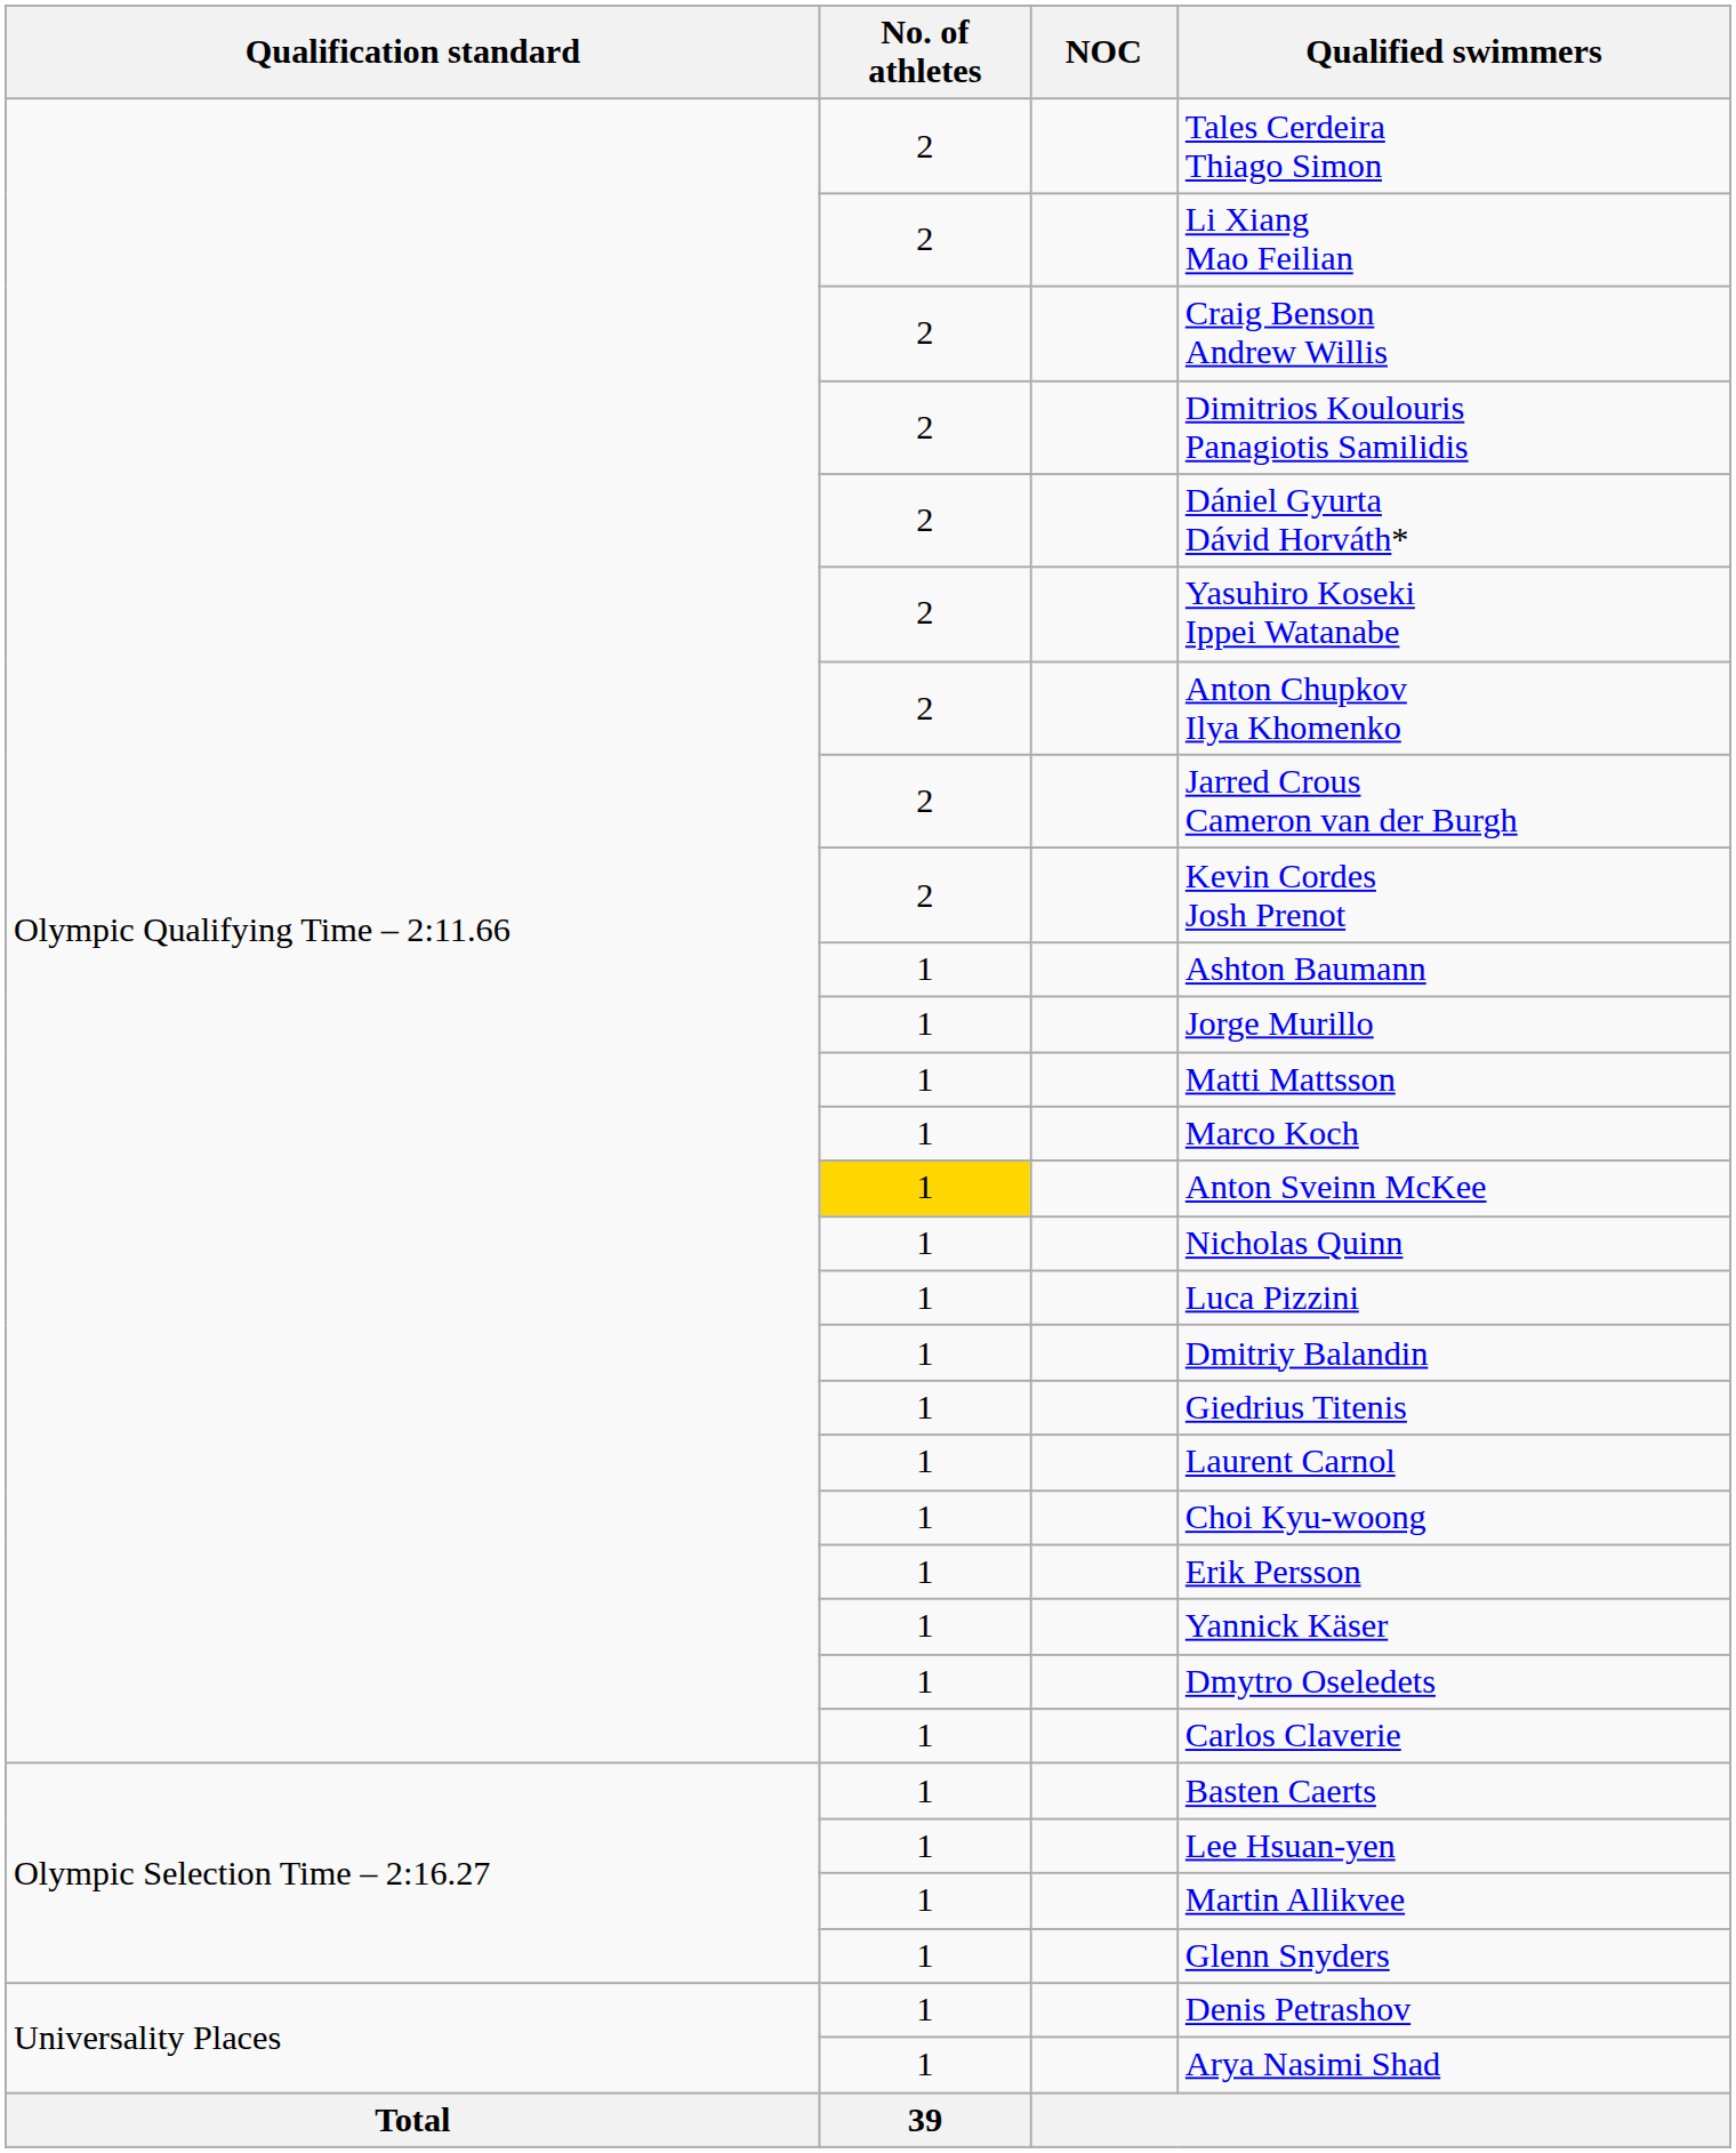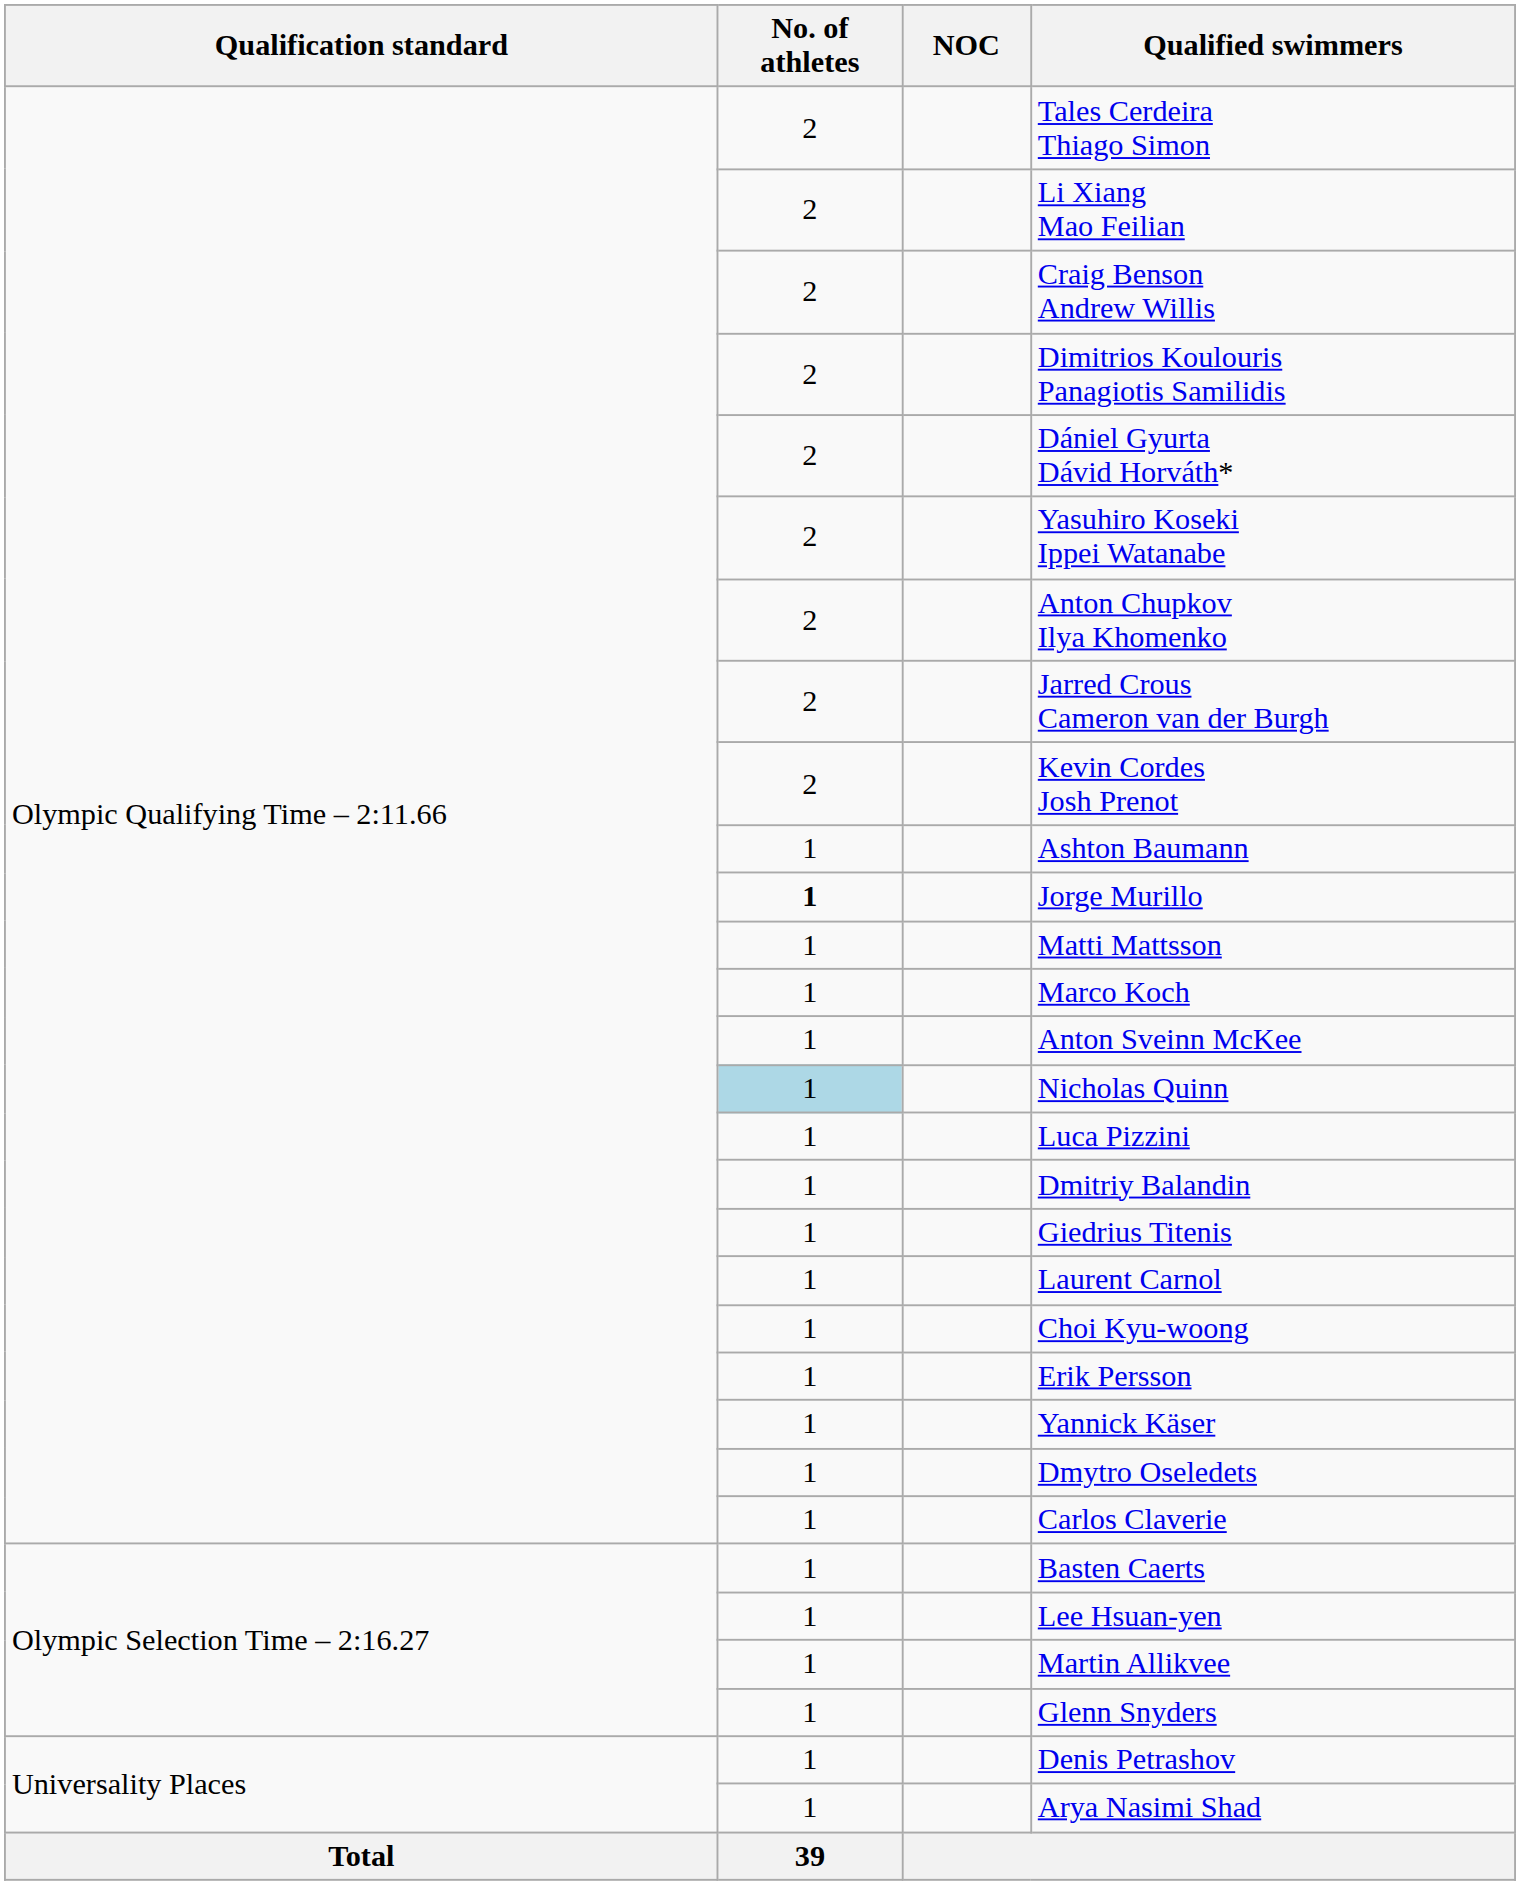 <table class=wikitable style="text-align:left" width=800>
 <tr>
 <th>Qualification standard</th>
 <th width=90>No. of athletes</th>
 <th>NOC</th>
 <th>Qualified swimmers</th>
 </tr>
 <tr>
 <td rowspan=24>Olympic Qualifying Time – 2:11.66</td>
 <td align=center>2</td>
 <td></td>
 <td><a href='#'>Tales Cerdeira</a><br><a href='#'>Thiago Simon</a></td>
 </tr>
 <tr>
 <td align=center>2</td>
 <td></td>
 <td><a href='#'>Li Xiang</a><br><a href='#'>Mao Feilian</a></td>
 </tr>
 <tr>
 <td align=center>2</td>
 <td></td>
 <td><a href='#'>Craig Benson</a><br><a href='#'>Andrew Willis</a></td>
 </tr>
 <tr>
 <td align=center>2</td>
 <td></td>
 <td><a href='#'>Dimitrios Koulouris</a><br><a href='#'>Panagiotis Samilidis</a></td>
 </tr>
 <tr>
 <td align=center>2</td>
 <td></td>
 <td><a href='#'>Dániel Gyurta</a><br><a href='#'>Dávid Horváth</a>*</td>
 </tr>
 <tr>
 <td align=center>2</td>
 <td></td>
 <td><a href='#'>Yasuhiro Koseki</a><br><a href='#'>Ippei Watanabe</a></td>
 </tr>
 <tr>
 <td align=center>2</td>
 <td></td>
 <td><a href='#'>Anton Chupkov</a><br><a href='#'>Ilya Khomenko</a></td>
 </tr>
 <tr>
 <td align=center>2</td>
 <td></td>
 <td><a href='#'>Jarred Crous</a><br><a href='#'>Cameron van der Burgh</a></td>
 </tr>
 <tr>
 <td align=center>2</td>
 <td></td>
 <td><a href='#'>Kevin Cordes</a><br><a href='#'>Josh Prenot</a></td>
 </tr>
 <tr>
 <td align=center>1</td>
 <td></td>
 <td><a href='#'>Ashton Baumann</a></td>
 </tr>
 <tr>
-<td align=center>1</td>
+<td align=center><strong>1</strong></td>
 <td></td>
 <td><a href='#'>Jorge Murillo</a></td>
 </tr>
 <tr>
 <td align=center>1</td>
 <td></td>
 <td><a href='#'>Matti Mattsson</a></td>
 </tr>
 <tr>
 <td align=center>1</td>
 <td></td>
 <td><a href='#'>Marco Koch</a></td>
 </tr>
 <tr>
-<td align=center style="background: gold;">1</td>
+<td align=center>1</td>
 <td></td>
 <td><a href='#'>Anton Sveinn McKee</a></td>
 </tr>
 <tr>
-<td align=center>1</td>
+<td align=center style="background: lightblue;">1</td>
 <td></td>
 <td><a href='#'>Nicholas Quinn</a></td>
 </tr>
 <tr>
 <td align=center>1</td>
 <td></td>
 <td><a href='#'>Luca Pizzini</a></td>
 </tr>
 <tr>
 <td align=center>1</td>
 <td></td>
 <td><a href='#'>Dmitriy Balandin</a></td>
 </tr>
 <tr>
 <td align=center>1</td>
 <td></td>
 <td><a href='#'>Giedrius Titenis</a></td>
 </tr>
 <tr>
 <td align=center>1</td>
 <td></td>
 <td><a href='#'>Laurent Carnol</a></td>
 </tr>
 <tr>
 <td align=center>1</td>
 <td></td>
 <td><a href='#'>Choi Kyu-woong</a></td>
 </tr>
 <tr>
 <td align=center>1</td>
 <td></td>
 <td><a href='#'>Erik Persson</a></td>
 </tr>
 <tr>
 <td align=center>1</td>
 <td></td>
 <td><a href='#'>Yannick Käser</a></td>
 </tr>
 <tr>
 <td align=center>1</td>
 <td></td>
 <td><a href='#'>Dmytro Oseledets</a></td>
 </tr>
 <tr>
 <td align=center>1</td>
 <td></td>
 <td><a href='#'>Carlos Claverie</a></td>
 </tr>
 <tr>
 <td rowspan=4>Olympic Selection Time – 2:16.27</td>
 <td align=center>1</td>
 <td></td>
 <td><a href='#'>Basten Caerts</a></td>
 </tr>
 <tr>
 <td align=center>1</td>
 <td></td>
 <td><a href='#'>Lee Hsuan-yen</a></td>
 </tr>
 <tr>
 <td align=center>1</td>
 <td></td>
 <td><a href='#'>Martin Allikvee</a></td>
 </tr>
 <tr>
 <td align=center>1</td>
 <td></td>
 <td><a href='#'>Glenn Snyders</a></td>
 </tr>
 <tr>
 <td rowspan=2>Universality Places</td>
 <td align=center>1</td>
 <td></td>
 <td><a href='#'>Denis Petrashov</a></td>
 </tr>
 <tr>
 <td align=center>1</td>
 <td></td>
 <td><a href='#'>Arya Nasimi Shad</a></td>
 </tr>
 <tr>
 <th><strong>Total</strong></th>
 <th>39</th>
 <th colspan=2></th>
 </tr>
 </table>
